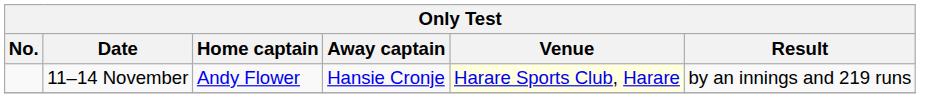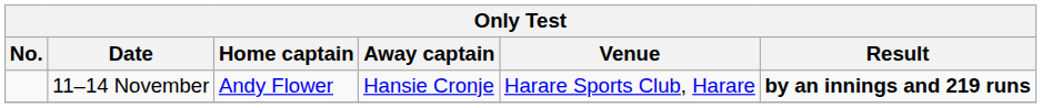 <table class="wikitable">
 <tr>
 <th colspan="9">Only Test</th>
 </tr>
 <tr>
 <th>No.</th>
 <th>Date</th>
 <th>Home captain</th>
 <th>Away captain</th>
 <th>Venue</th>
 <th>Result</th>
 </tr>
 <tr>
 <td></td>
 <td>11–14 November</td>
 <td><a href='#'>Andy Flower</a></td>
 <td><a href='#'>Hansie Cronje</a></td>
-<td style="background: lightyellow;"><a href='#'>Harare Sports Club</a>, <a href='#'>Harare</a></td>
-<td> by an innings and 219 runs</td>
+<td><a href='#'>Harare Sports Club</a>, <a href='#'>Harare</a></td>
+<td><strong> by an innings and 219 runs</strong></td>
 </tr>
 <tr>
 </tr>
 </table>
